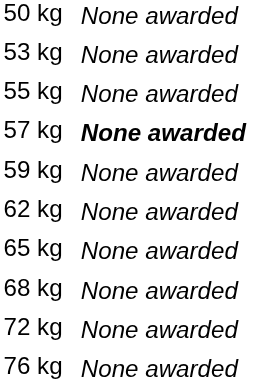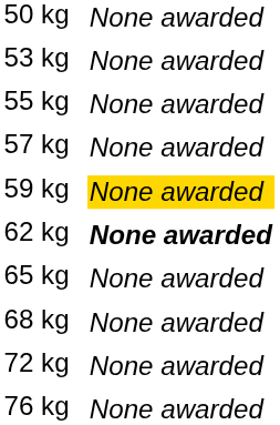 <table>
 <tr>
 <td rowspan=2>50 kg<br></td>
 <td rowspan=2></td>
 <td rowspan=2></td>
 <td></td>
 </tr>
 <tr>
 <td><em>None awarded</em></td>
 </tr>
 <tr>
 <td rowspan=2>53 kg<br></td>
 <td rowspan=2></td>
 <td rowspan=2></td>
 <td></td>
 </tr>
 <tr>
 <td><em>None awarded</em></td>
 </tr>
 <tr>
 <td rowspan=2>55 kg<br></td>
 <td rowspan=2></td>
 <td rowspan=2></td>
 <td></td>
 </tr>
 <tr>
 <td><em>None awarded</em></td>
 </tr>
 <tr>
 <td rowspan=2>57 kg<br></td>
 <td rowspan=2></td>
 <td rowspan=2></td>
 <td></td>
 </tr>
 <tr>
-<td><strong><em>None awarded</em></strong></td>
+<td><em>None awarded</em></td>
 </tr>
 <tr>
 <td rowspan=2>59 kg<br></td>
 <td rowspan=2></td>
 <td rowspan=2></td>
 <td></td>
 </tr>
 <tr>
-<td><em>None awarded</em></td>
+<td style="background: gold;"><em>None awarded</em></td>
 </tr>
 <tr>
 <td rowspan=2>62 kg<br></td>
 <td rowspan=2></td>
 <td rowspan=2></td>
 <td></td>
 </tr>
 <tr>
-<td><em>None awarded</em></td>
+<td><strong><em>None awarded</em></strong></td>
 </tr>
 <tr>
 <td rowspan=2>65 kg<br></td>
 <td rowspan=2></td>
 <td rowspan=2></td>
 <td></td>
 </tr>
 <tr>
 <td><em>None awarded</em></td>
 </tr>
 <tr>
 <td rowspan=2>68 kg<br></td>
 <td rowspan=2></td>
 <td rowspan=2></td>
 <td></td>
 </tr>
 <tr>
 <td><em>None awarded</em></td>
 </tr>
 <tr>
 <td rowspan=2>72 kg<br></td>
 <td rowspan=2></td>
 <td rowspan=2></td>
 <td></td>
 </tr>
 <tr>
 <td><em>None awarded</em></td>
 </tr>
 <tr>
 <td rowspan=2>76 kg<br></td>
 <td rowspan=2></td>
 <td rowspan=2></td>
 <td></td>
 </tr>
 <tr>
 <td><em>None awarded</em></td>
 </tr>
 </table>
